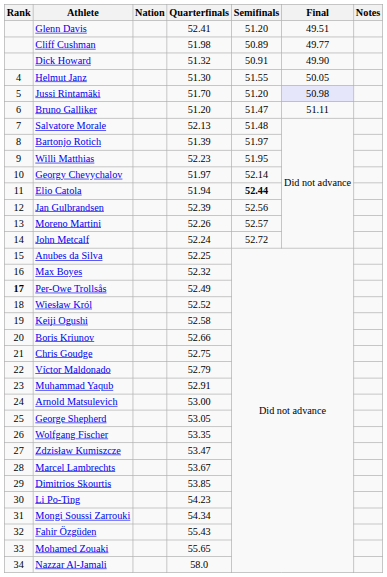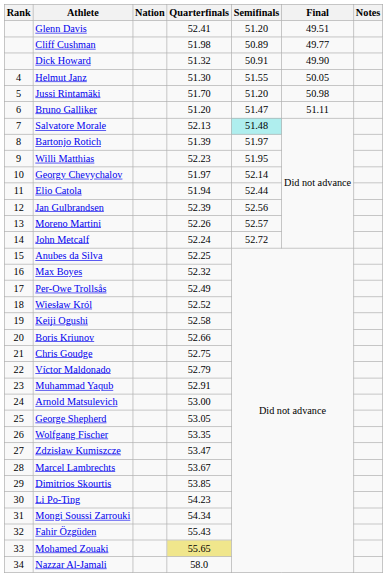 <table class="wikitable sortable" style="text-align:center">
 <tr>
 <th>Rank</th>
 <th>Athlete</th>
 <th>Nation</th>
 <th>Quarterfinals</th>
 <th>Semifinals</th>
 <th>Final</th>
 <th>Notes</th>
 </tr>
 <tr>
 <td></td>
 <td align=left><a href='#'>Glenn Davis</a></td>
 <td align=left></td>
 <td>52.41</td>
 <td>51.20</td>
 <td>49.51</td>
 <td></td>
 </tr>
 <tr>
 <td></td>
 <td align=left><a href='#'>Cliff Cushman</a></td>
 <td align=left></td>
 <td>51.98</td>
 <td>50.89</td>
 <td>49.77</td>
 <td></td>
 </tr>
 <tr>
 <td></td>
 <td align=left><a href='#'>Dick Howard</a></td>
 <td align=left></td>
 <td>51.32</td>
 <td>50.91</td>
 <td>49.90</td>
 <td></td>
 </tr>
 <tr>
 <td>4</td>
 <td align=left><a href='#'>Helmut Janz</a></td>
 <td align=left></td>
 <td>51.30</td>
 <td>51.55</td>
 <td>50.05</td>
 <td></td>
 </tr>
 <tr>
 <td>5</td>
 <td align=left><a href='#'>Jussi Rintamäki</a></td>
 <td align=left></td>
 <td>51.70</td>
 <td>51.20</td>
-<td style="background: lavender;">50.98</td>
+<td>50.98</td>
 <td></td>
 </tr>
 <tr>
 <td>6</td>
 <td align=left><a href='#'>Bruno Galliker</a></td>
 <td align=left></td>
 <td>51.20</td>
 <td>51.47</td>
 <td>51.11</td>
 <td></td>
 </tr>
 <tr>
 <td>7</td>
 <td align=left><a href='#'>Salvatore Morale</a></td>
 <td align=left></td>
 <td>52.13</td>
-<td>51.48</td>
+<td style="background: paleturquoise;">51.48</td>
 <td rowspan=8 data-sort-value=99.99>Did not advance</td>
 <td></td>
 </tr>
 <tr>
 <td>8</td>
 <td align=left><a href='#'>Bartonjo Rotich</a></td>
 <td align=left></td>
 <td>51.39</td>
 <td>51.97</td>
 <td></td>
 </tr>
 <tr>
 <td>9</td>
 <td align=left><a href='#'>Willi Matthias</a></td>
 <td align=left></td>
 <td>52.23</td>
 <td>51.95</td>
 <td></td>
 </tr>
 <tr>
 <td>10</td>
 <td align=left><a href='#'>Georgy Chevychalov</a></td>
 <td align=left></td>
 <td>51.97</td>
 <td>52.14</td>
 <td></td>
 </tr>
 <tr>
 <td>11</td>
 <td align=left><a href='#'>Elio Catola</a></td>
 <td align=left></td>
 <td>51.94</td>
-<td><strong>52.44</strong></td>
+<td>52.44</td>
 <td></td>
 </tr>
 <tr>
 <td>12</td>
 <td align=left><a href='#'>Jan Gulbrandsen</a></td>
 <td align=left></td>
 <td>52.39</td>
 <td>52.56</td>
 <td></td>
 </tr>
 <tr>
 <td>13</td>
 <td align=left><a href='#'>Moreno Martini</a></td>
 <td align=left></td>
 <td>52.26</td>
 <td>52.57</td>
 <td></td>
 </tr>
 <tr>
 <td>14</td>
 <td align=left><a href='#'>John Metcalf</a></td>
 <td align=left></td>
 <td>52.24</td>
 <td>52.72</td>
 <td></td>
 </tr>
 <tr>
 <td>15</td>
 <td align=left><a href='#'>Anubes da Silva</a></td>
 <td align=left></td>
 <td>52.25</td>
 <td rowspan=20 colspan=2 data-sort-value=99.9>Did not advance</td>
 <td></td>
 </tr>
 <tr>
 <td>16</td>
 <td align=left><a href='#'>Max Boyes</a></td>
 <td align=left></td>
 <td>52.32</td>
 <td></td>
 </tr>
 <tr>
-<td><strong>17</strong></td>
+<td>17</td>
 <td align=left><a href='#'>Per-Owe Trollsås</a></td>
 <td align=left></td>
 <td>52.49</td>
 <td></td>
 </tr>
 <tr>
 <td>18</td>
 <td align=left><a href='#'>Wiesław Król</a></td>
 <td align=left></td>
 <td>52.52</td>
 <td></td>
 </tr>
 <tr>
 <td>19</td>
 <td align=left><a href='#'>Keiji Ogushi</a></td>
 <td align=left></td>
 <td>52.58</td>
 <td></td>
 </tr>
 <tr>
 <td>20</td>
 <td align=left><a href='#'>Boris Kriunov</a></td>
 <td align=left></td>
 <td>52.66</td>
 <td></td>
 </tr>
 <tr>
 <td>21</td>
 <td align=left><a href='#'>Chris Goudge</a></td>
 <td align=left></td>
 <td>52.75</td>
 <td></td>
 </tr>
 <tr>
 <td>22</td>
 <td align=left><a href='#'>Víctor Maldonado</a></td>
 <td align=left></td>
 <td>52.79</td>
 <td></td>
 </tr>
 <tr>
 <td>23</td>
 <td align=left><a href='#'>Muhammad Yaqub</a></td>
 <td align=left></td>
 <td>52.91</td>
 <td></td>
 </tr>
 <tr>
 <td>24</td>
 <td align=left><a href='#'>Arnold Matsulevich</a></td>
 <td align=left></td>
 <td>53.00</td>
 <td></td>
 </tr>
 <tr>
 <td>25</td>
 <td align=left><a href='#'>George Shepherd</a></td>
 <td align=left></td>
 <td>53.05</td>
 <td></td>
 </tr>
 <tr>
 <td>26</td>
 <td align=left><a href='#'>Wolfgang Fischer</a></td>
 <td align=left></td>
 <td>53.35</td>
 <td></td>
 </tr>
 <tr>
 <td>27</td>
 <td align=left><a href='#'>Zdzisław Kumiszcze</a></td>
 <td align=left></td>
 <td>53.47</td>
 <td></td>
 </tr>
 <tr>
 <td>28</td>
 <td align=left><a href='#'>Marcel Lambrechts</a></td>
 <td align=left></td>
 <td>53.67</td>
 <td></td>
 </tr>
 <tr>
 <td>29</td>
 <td align=left><a href='#'>Dimitrios Skourtis</a></td>
 <td align=left></td>
 <td>53.85</td>
 <td></td>
 </tr>
 <tr>
 <td>30</td>
 <td align=left><a href='#'>Li Po-Ting</a></td>
 <td align=left></td>
 <td>54.23</td>
 <td></td>
 </tr>
 <tr>
 <td>31</td>
 <td align=left><a href='#'>Mongi Soussi Zarrouki</a></td>
 <td align=left></td>
 <td>54.34</td>
 <td></td>
 </tr>
 <tr>
 <td>32</td>
 <td align=left><a href='#'>Fahir Özgüden</a></td>
 <td align=left></td>
 <td>55.43</td>
 <td></td>
 </tr>
 <tr>
 <td>33</td>
 <td align=left><a href='#'>Mohamed Zouaki</a></td>
 <td align=left></td>
-<td>55.65</td>
+<td style="background: khaki;">55.65</td>
 <td></td>
 </tr>
 <tr>
 <td>34</td>
 <td align=left><a href='#'>Nazzar Al-Jamali</a></td>
 <td align=left></td>
 <td>58.0</td>
 <td></td>
 </tr>
 </table>
